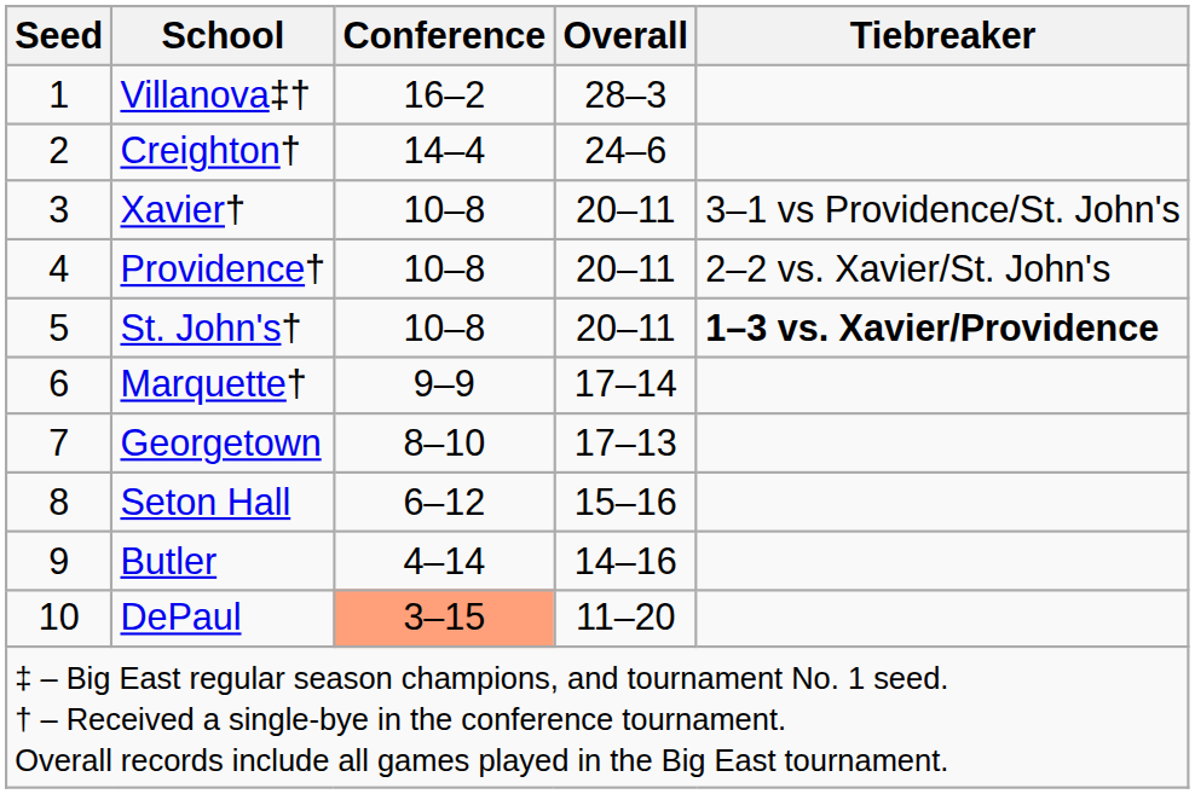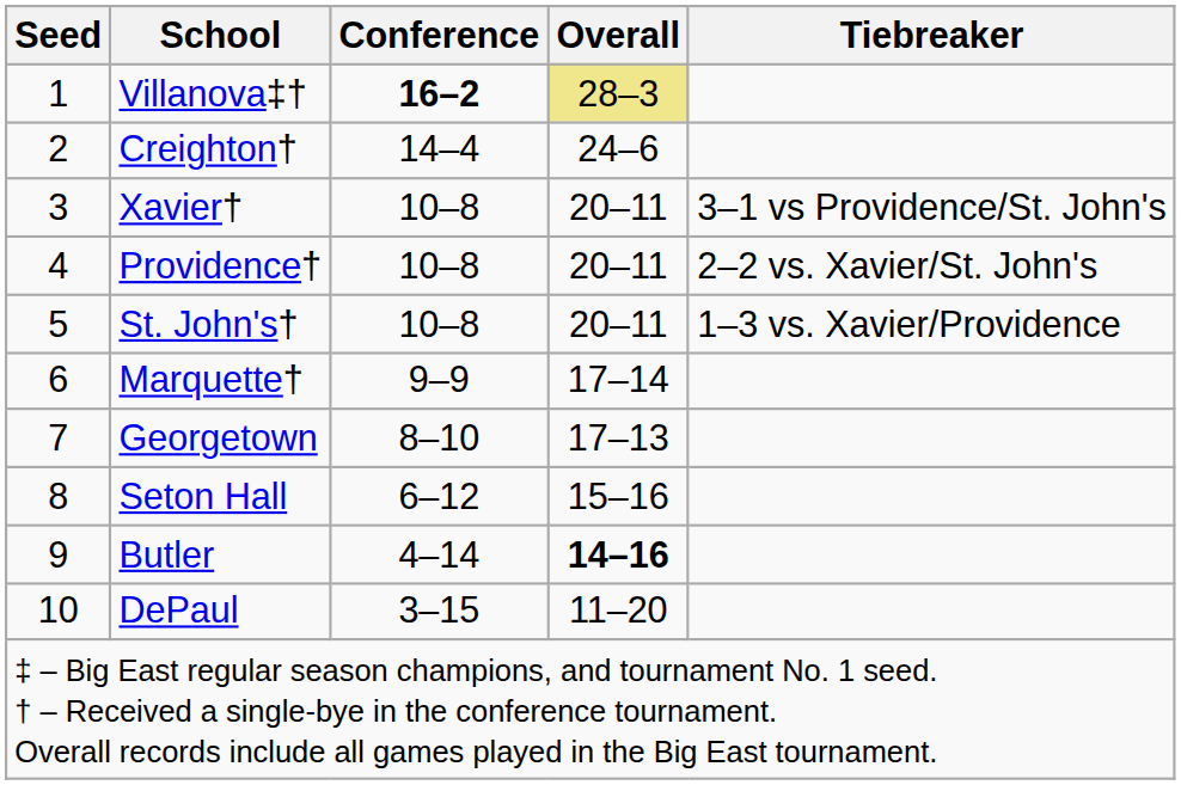 <table class="wikitable" style="white-space:nowrap; font-size:90%;text-align:center">
 <tr>
 <th>Seed</th>
 <th>School</th>
 <th>Conference</th>
 <th>Overall</th>
 <th>Tiebreaker</th>
 </tr>
 <tr>
 <td>1</td>
 <td align=left><a href='#'>Villanova</a>‡†</td>
-<td>16–2</td>
-<td>28–3</td>
+<td><strong>16–2</strong></td>
+<td style="background: khaki;">28–3</td>
 <td></td>
 </tr>
 <tr>
 <td>2</td>
 <td align=left><a href='#'>Creighton</a>†</td>
 <td>14–4</td>
 <td>24–6</td>
 <td></td>
 </tr>
 <tr>
 <td>3</td>
 <td align=left><a href='#'>Xavier</a>†</td>
 <td>10–8</td>
 <td>20–11</td>
 <td align=left>3–1 vs Providence/St. John's</td>
 </tr>
 <tr>
 <td>4</td>
 <td align=left><a href='#'>Providence</a>†</td>
 <td>10–8</td>
 <td>20–11</td>
 <td align=left>2–2 vs. Xavier/St. John's</td>
 </tr>
 <tr>
 <td>5</td>
 <td align=left><a href='#'>St. John's</a>†</td>
 <td>10–8</td>
 <td>20–11</td>
-<td align=left><strong>1–3 vs. Xavier/Providence</strong></td>
+<td align=left>1–3 vs. Xavier/Providence</td>
 </tr>
 <tr>
 <td>6</td>
 <td align=left><a href='#'>Marquette</a>†</td>
 <td>9–9</td>
 <td>17–14</td>
 <td></td>
 </tr>
 <tr>
 <td>7</td>
 <td align=left><a href='#'>Georgetown</a></td>
 <td>8–10</td>
 <td>17–13</td>
 <td></td>
 </tr>
 <tr>
 <td>8</td>
 <td align=left><a href='#'>Seton Hall</a></td>
 <td>6–12</td>
 <td>15–16</td>
 <td></td>
 </tr>
 <tr>
 <td>9</td>
 <td align=left><a href='#'>Butler</a></td>
 <td>4–14</td>
-<td>14–16</td>
+<td><strong>14–16</strong></td>
 <td></td>
 </tr>
 <tr>
 <td>10</td>
 <td align=left><a href='#'>DePaul</a></td>
-<td style="background: lightsalmon;">3–15</td>
+<td>3–15</td>
 <td>11–20</td>
 <td></td>
 </tr>
 <tr>
 <td colspan=5 align=left><small>‡ – Big East regular season champions, and tournament No. 1 seed.<br>† – Received a single-bye in the conference tournament.<br>Overall records include all games played in the Big East tournament.</small></td>
 </tr>
 </table>
